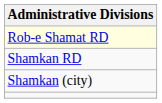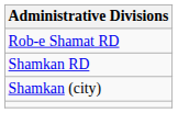 <table class="wikitable">
 <tr>
 <th>Administrative Divisions</th>
 </tr>
 <tr>
-<td style="background: lightyellow;"><a href='#'>Rob-e Shamat RD</a></td>
+<td><a href='#'>Rob-e Shamat RD</a></td>
 </tr>
 <tr>
 <td><a href='#'>Shamkan RD</a></td>
 </tr>
 <tr>
 <td><a href='#'>Shamkan</a> (city)</td>
 </tr>
 <tr>
 <td colspan=1></td>
 </tr>
 </table>
